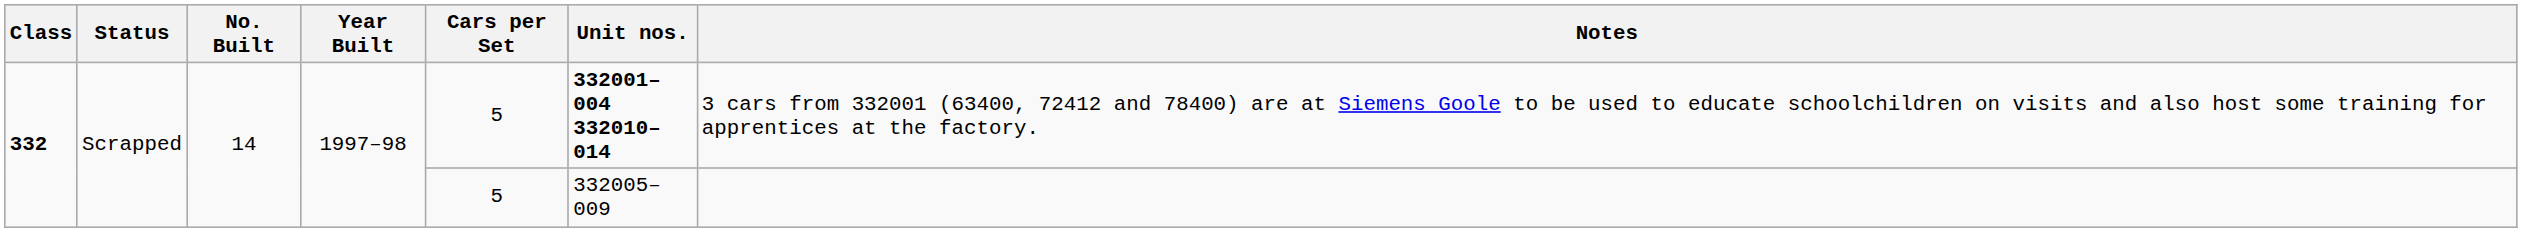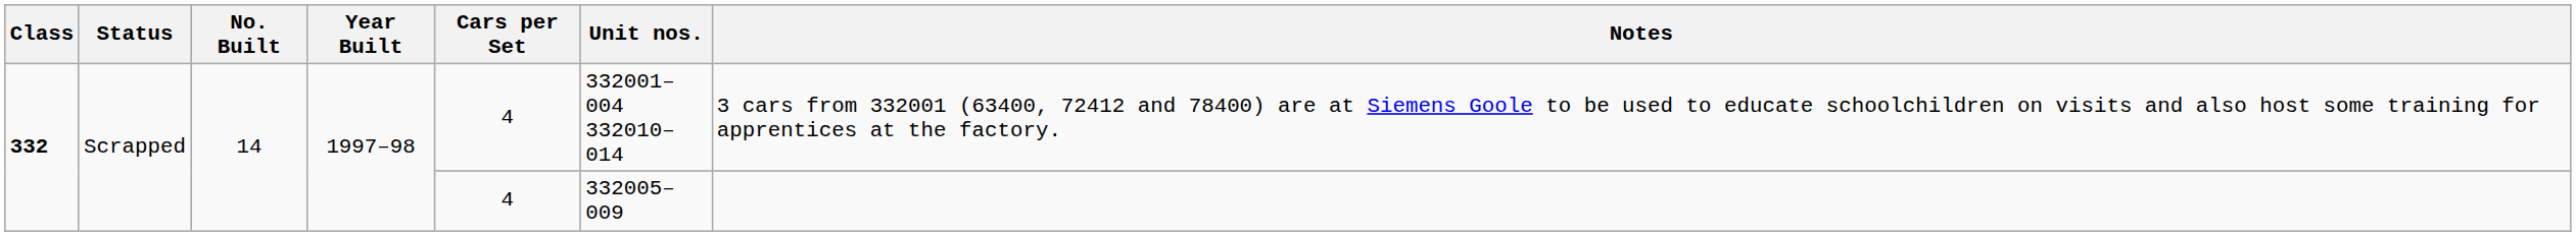 <table class="wikitable">
 <tr>
 <th>Class</th>
 <th>Status</th>
 <th>No. Built</th>
 <th>Year Built</th>
 <th>Cars per Set</th>
 <th>Unit nos.</th>
 <th>Notes</th>
 </tr>
 <tr>
 <td rowspan="2"><strong>332</strong></td>
 <td rowspan="2">Scrapped</td>
 <td rowspan="2" align="center">14</td>
 <td rowspan="2" align="center">1997–98</td>
-<td align="center">5</td>
-<td><strong>332001–004<br>332010–014</strong></td>
+<td align="center">4</td>
+<td>332001–004<br>332010–014</td>
 <td>3 cars from 332001 (63400, 72412 and 78400) are at <a href='#'>Siemens Goole</a> to be used to educate schoolchildren on visits and also host some training for apprentices at the factory.</td>
 </tr>
 <tr>
-<td align="center">5</td>
+<td align="center">4</td>
 <td>332005–009</td>
 <td></td>
 </tr>
 </table>
